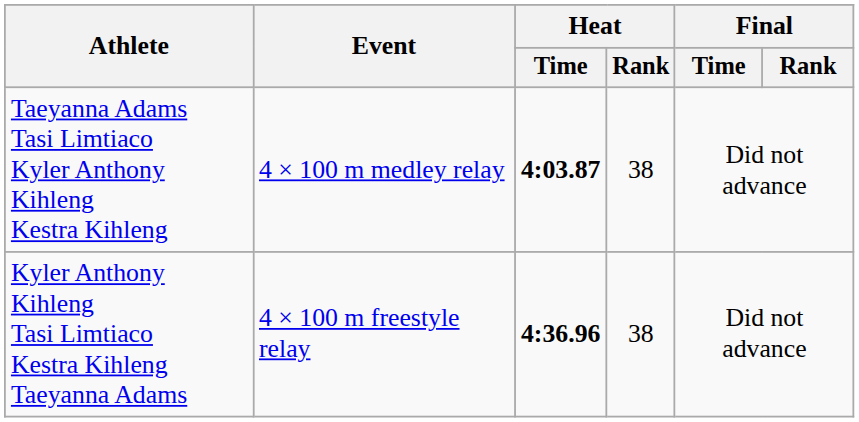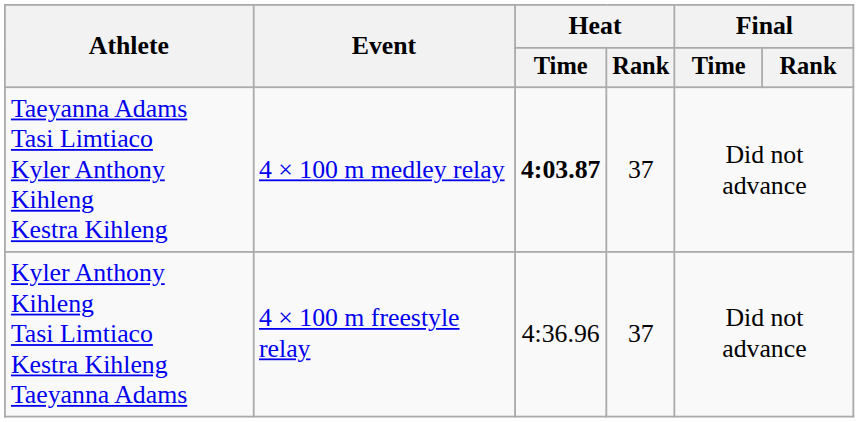 <table class="wikitable" style="text-align:center; font-size:90%; width:30%;">
 <tr>
 <th rowspan="2">Athlete</th>
 <th rowspan="2">Event</th>
 <th colspan="2">Heat</th>
 <th colspan="2">Final</th>
 </tr>
 <tr style="font-size:95%">
 <th>Time</th>
 <th>Rank</th>
 <th>Time</th>
 <th>Rank</th>
 </tr>
 <tr>
 <td align=left><a href='#'>Taeyanna Adams</a>  <br> <a href='#'>Tasi Limtiaco</a> <br> <a href='#'>Kyler Anthony Kihleng</a> <br><a href='#'>Kestra Kihleng</a></td>
 <td align=left><a href='#'>4 × 100 m medley relay</a></td>
 <td><strong>4:03.87</strong></td>
-<td>38</td>
+<td>37</td>
 <td colspan=2>Did not advance</td>
 </tr>
 <tr>
 <td align=left><a href='#'>Kyler Anthony Kihleng</a><br><a href='#'>Tasi Limtiaco</a><br><a href='#'>Kestra Kihleng</a> <br><a href='#'>Taeyanna Adams</a></td>
 <td align=left><a href='#'>4 × 100 m freestyle relay</a></td>
-<td><strong>4:36.96</strong></td>
-<td>38</td>
+<td>4:36.96</td>
+<td>37</td>
 <td colspan="2">Did not advance</td>
 </tr>
 </table>
